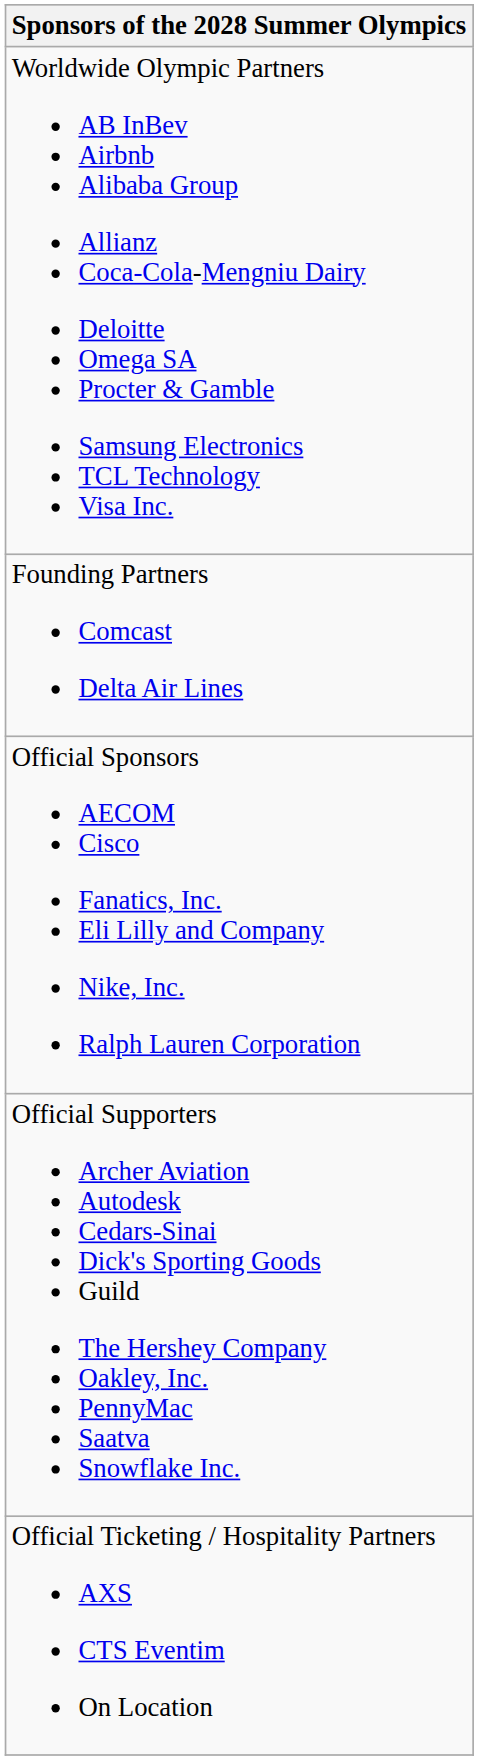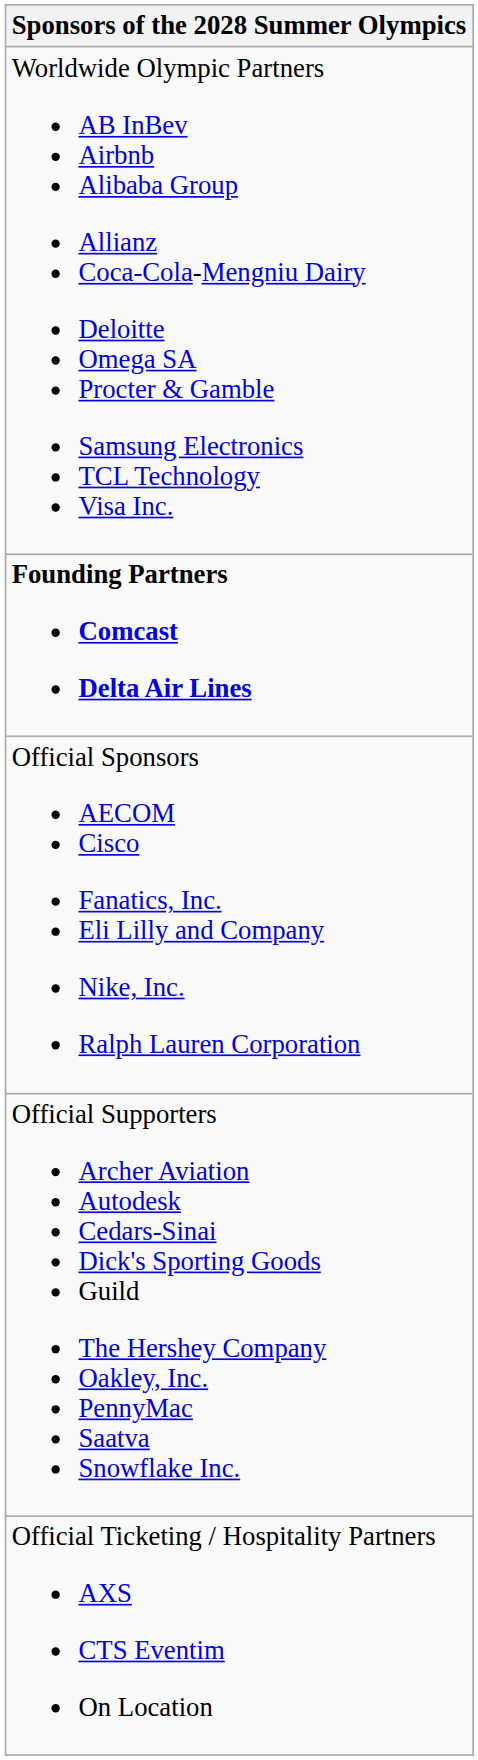 <table class="wikitable collapsible " style="float:center; margin:10px;">
 <tr>
 <th>Sponsors of the 2028 Summer Olympics</th>
 </tr>
 <tr>
 <td>Worldwide Olympic Partners<br> <ul><li><a href='#'>AB InBev</a></li><li><a href='#'>Airbnb</a></li><li><a href='#'>Alibaba Group</a></li></ul><ul><li><a href='#'>Allianz</a></li><li><a href='#'>Coca-Cola</a>-<a href='#'>Mengniu Dairy</a></li></ul><ul><li><a href='#'>Deloitte</a></li><li><a href='#'>Omega SA</a></li><li><a href='#'>Procter & Gamble</a></li></ul><ul><li><a href='#'>Samsung Electronics</a></li><li><a href='#'>TCL Technology</a></li><li><a href='#'>Visa Inc.</a></li></ul></td>
 </tr>
 <tr>
-<td>Founding Partners<br> <ul><li><a href='#'>Comcast</a></li></ul><ul><li><a href='#'>Delta Air Lines</a></li></ul></td>
+<td><strong>Founding Partners<br> <ul><li><a href='#'>Comcast</a></li></ul><ul><li><a href='#'>Delta Air Lines</a></li></ul></strong></td>
 </tr>
 <tr>
 <td>Official Sponsors<br> <ul><li><a href='#'>AECOM</a></li><li><a href='#'>Cisco</a></li></ul><ul><li><a href='#'>Fanatics, Inc.</a></li><li><a href='#'>Eli Lilly and Company</a></li></ul><ul><li><a href='#'>Nike, Inc.</a></li></ul><ul><li><a href='#'>Ralph Lauren Corporation</a></li></ul></td>
 </tr>
 <tr>
 <td>Official Supporters<br> <ul><li><a href='#'>Archer Aviation</a></li><li><a href='#'>Autodesk</a></li><li><a href='#'>Cedars-Sinai</a></li><li><a href='#'>Dick's Sporting Goods</a></li><li>Guild</li></ul><ul><li><a href='#'>The Hershey Company</a></li><li><a href='#'>Oakley, Inc.</a></li><li><a href='#'>PennyMac</a></li><li><a href='#'>Saatva</a></li><li><a href='#'>Snowflake Inc.</a></li></ul></td>
 </tr>
 <tr>
 <td>Official Ticketing / Hospitality Partners<br> <ul><li><a href='#'>AXS</a></li></ul><ul><li><a href='#'>CTS Eventim</a></li></ul><ul><li>On Location</li></ul></td>
 </tr>
 </table>
